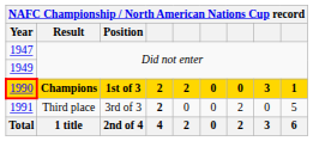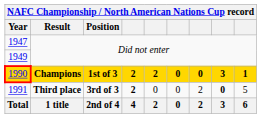 <table class="wikitable" style="text-align: center;">
 <tr>
 <th colspan="10'"><a href='#'>NAFC Championship / North American Nations Cup</a> record</th>
 </tr>
 <tr>
 <th>Year</th>
 <th>Result</th>
 <th>Position</th>
 <th style="width:30px;"></th>
 <th style="width:30px;"></th>
 <th style="width:30px;"></th>
 <th style="width:30px;"></th>
 <th style="width:30px;"></th>
 <th style="width:30px;"></th>
 </tr>
 <tr>
 <td> <a href='#'>1947</a></td>
 <td colspan="8" rowspan="2"><em>Did not enter</em></td>
 </tr>
 <tr>
 <td> <a href='#'>1949</a></td>
 </tr>
 <tr style="background:gold;">
 <td style="border: 3px solid red"> <a href='#'>1990</a></td>
 <td><strong>Champions</strong></td>
 <td><strong>1st of 3</strong></td>
 <td><strong>2</strong></td>
 <td><strong>2</strong></td>
 <td><strong>0</strong></td>
 <td><strong>0</strong></td>
 <td><strong>3</strong></td>
 <td><strong>1</strong></td>
 </tr>
 <tr>
 <td> <a href='#'>1991</a></td>
-<td>Third place</td>
-<td>3rd of 3</td>
+<td><strong>Third place</strong></td>
+<td><strong>3rd of 3</strong></td>
 <td><strong>2</strong></td>
 <td>0</td>
 <td>0</td>
 <td>2</td>
-<td>0</td>
+<td><strong>0</strong></td>
 <td>5</td>
 </tr>
 <tr>
 <th>Total</th>
 <th>1 title</th>
 <th>2nd of 4</th>
 <th>4</th>
 <th>2</th>
 <th>0</th>
 <th>2</th>
 <th>3</th>
 <th>6</th>
 </tr>
 </table>
